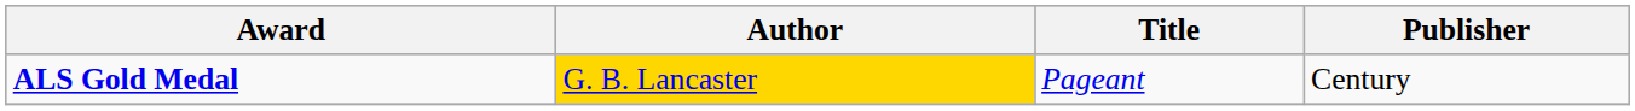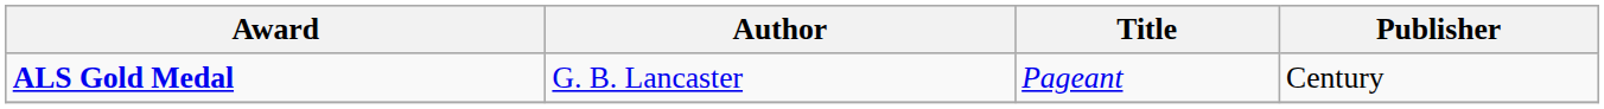 <table class="wikitable" width=95%>
 <tr>
 <th>Award</th>
 <th>Author</th>
 <th>Title</th>
 <th>Publisher</th>
 </tr>
 <tr>
 <td><strong><a href='#'>ALS Gold Medal</a></strong></td>
-<td style="background: gold;"><a href='#'>G. B. Lancaster</a></td>
+<td><a href='#'>G. B. Lancaster</a></td>
 <td><em><a href='#'>Pageant</a></em></td>
 <td>Century</td>
 </tr>
 <tr>
 </tr>
 </table>
